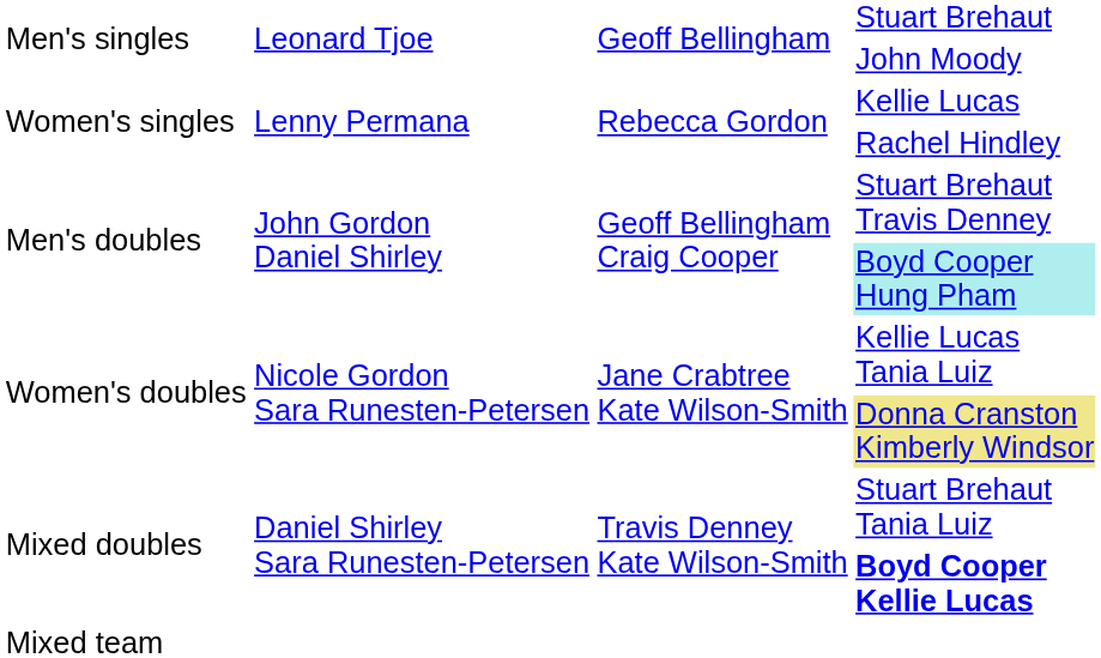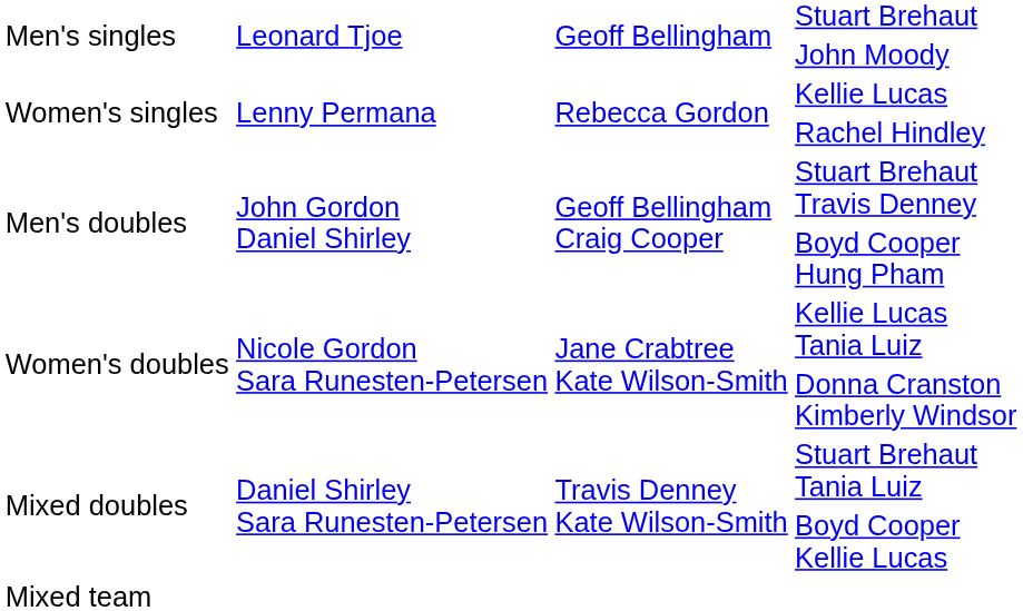 <table>
 <tr>
 <td rowspan="2">Men's singles</td>
 <td rowspan="2"> <a href='#'>Leonard Tjoe</a></td>
 <td rowspan="2"> <a href='#'>Geoff Bellingham</a></td>
 <td> <a href='#'>Stuart Brehaut</a></td>
 </tr>
 <tr>
 <td> <a href='#'>John Moody</a></td>
 </tr>
 <tr>
 <td rowspan="2">Women's singles</td>
 <td rowspan="2"> <a href='#'>Lenny Permana</a></td>
 <td rowspan="2"> <a href='#'>Rebecca Gordon</a></td>
 <td> <a href='#'>Kellie Lucas</a></td>
 </tr>
 <tr>
 <td> <a href='#'>Rachel Hindley</a></td>
 </tr>
 <tr>
 <td rowspan="2">Men's doubles</td>
 <td rowspan="2"> <a href='#'>John Gordon</a><br> <a href='#'>Daniel Shirley</a></td>
 <td rowspan="2"> <a href='#'>Geoff Bellingham</a><br> <a href='#'>Craig Cooper</a></td>
 <td> <a href='#'>Stuart Brehaut</a><br> <a href='#'>Travis Denney</a></td>
 </tr>
 <tr>
-<td style="background: paleturquoise;"> <a href='#'>Boyd Cooper</a><br> <a href='#'>Hung Pham</a></td>
+<td> <a href='#'>Boyd Cooper</a><br> <a href='#'>Hung Pham</a></td>
 </tr>
 <tr>
 <td rowspan="2">Women's doubles</td>
 <td rowspan="2"> <a href='#'>Nicole Gordon</a><br> <a href='#'>Sara Runesten-Petersen</a></td>
 <td rowspan="2"> <a href='#'>Jane Crabtree</a><br> <a href='#'>Kate Wilson-Smith</a></td>
 <td> <a href='#'>Kellie Lucas</a><br> <a href='#'>Tania Luiz</a></td>
 </tr>
 <tr>
-<td style="background: khaki;"> <a href='#'>Donna Cranston</a><br> <a href='#'>Kimberly Windsor</a></td>
+<td> <a href='#'>Donna Cranston</a><br> <a href='#'>Kimberly Windsor</a></td>
 </tr>
 <tr>
 <td rowspan="2">Mixed doubles</td>
 <td rowspan="2"> <a href='#'>Daniel Shirley</a><br> <a href='#'>Sara Runesten-Petersen</a></td>
 <td rowspan="2"> <a href='#'>Travis Denney</a><br> <a href='#'>Kate Wilson-Smith</a></td>
 <td> <a href='#'>Stuart Brehaut</a><br> <a href='#'>Tania Luiz</a></td>
 </tr>
 <tr>
-<td><strong> <a href='#'>Boyd Cooper</a><br> <a href='#'>Kellie Lucas</a></strong></td>
+<td> <a href='#'>Boyd Cooper</a><br> <a href='#'>Kellie Lucas</a></td>
 </tr>
 <tr>
 <td>Mixed team</td>
 <td></td>
 <td></td>
 <td></td>
 </tr>
 </table>
